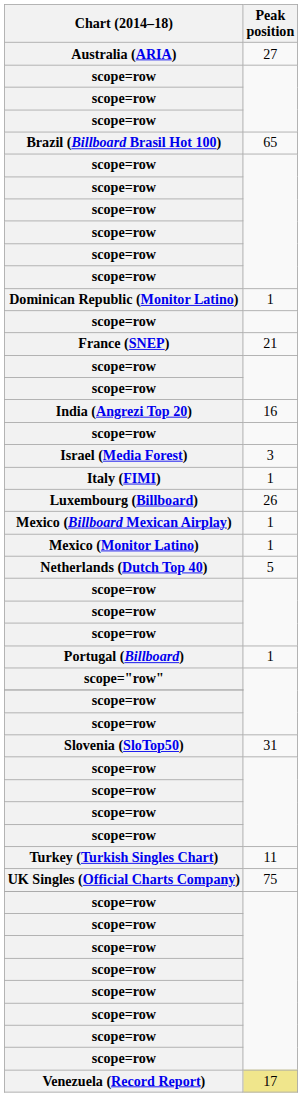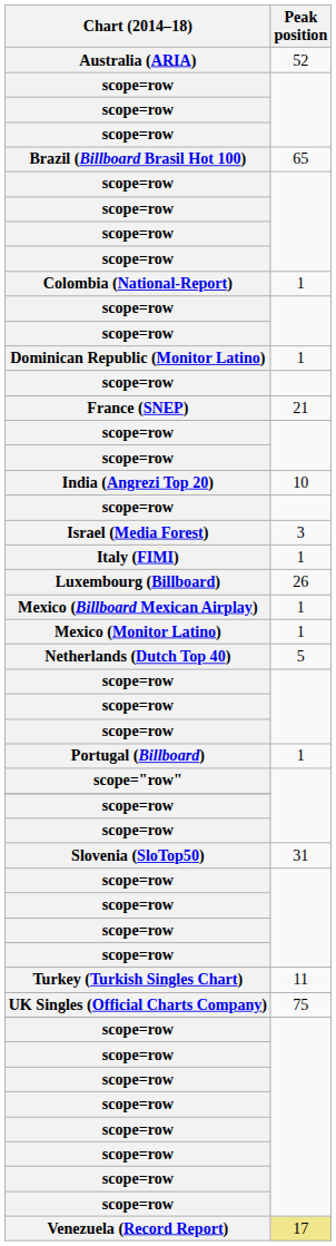 <table class="wikitable sortable plainrowheaders">
 <tr>
 <th>Chart (2014–18)</th>
 <th>Peak<br>position</th>
 </tr>
 <tr>
 <th scope=row>Australia (<a href='#'>ARIA</a>)</th>
-<td align="center">27</td>
+<td align="center">52</td>
 </tr>
 <tr>
 <th>scope=row</th>
 </tr>
 <tr>
 <th>scope=row</th>
 </tr>
 <tr>
 <th>scope=row</th>
 </tr>
 <tr>
 <th scope=row>Brazil (<a href='#'><em>Billboard</em> Brasil Hot 100</a>)</th>
 <td align="center">65</td>
 </tr>
 <tr>
 <th>scope=row</th>
 </tr>
 <tr>
 <th>scope=row</th>
 </tr>
 <tr>
 <th>scope=row</th>
 </tr>
 <tr>
 <th>scope=row</th>
 </tr>
 <tr>
+<th scope=row>Colombia (<a href='#'>National-Report</a>)</th>
+<td align="center">1</td>
+</tr>
+<tr>
 <th>scope=row</th>
 </tr>
 <tr>
 <th>scope=row</th>
 </tr>
 <tr>
 <th scope=row>Dominican Republic (<a href='#'>Monitor Latino</a>)</th>
 <td style="text-align:center;">1</td>
 </tr>
 <tr>
 <th>scope=row</th>
 </tr>
 <tr>
 <th scope=row>France (<a href='#'>SNEP</a>)</th>
 <td align="center">21</td>
 </tr>
 <tr>
 <th>scope=row</th>
 </tr>
 <tr>
 <th>scope=row</th>
 </tr>
 <tr>
 <th scope="row">India (<a href='#'>Angrezi Top 20</a>)</th>
-<td align="center">16</td>
+<td align="center">10</td>
 </tr>
 <tr>
 <th>scope=row</th>
 </tr>
 <tr>
 <th scope=row>Israel (<a href='#'>Media Forest</a>)</th>
 <td style="text-align:center;">3</td>
 </tr>
 <tr>
 <th scope=row>Italy (<a href='#'>FIMI</a>)</th>
 <td align="center">1</td>
 </tr>
 <tr>
 <th scope=row>Luxembourg (<a href='#'>Billboard</a>)</th>
 <td align="center">26</td>
 </tr>
 <tr>
 <th scope=row>Mexico (<a href='#'><em>Billboard</em> Mexican Airplay</a>)</th>
 <td style="text-align:center;">1</td>
 </tr>
 <tr>
 <th scope=row>Mexico (<a href='#'>Monitor Latino</a>)</th>
 <td style="text-align:center;">1</td>
 </tr>
 <tr>
 <th scope=row>Netherlands (<a href='#'>Dutch Top 40</a>)</th>
 <td style="text-align:center;">5</td>
 </tr>
 <tr>
 <th>scope=row</th>
 </tr>
 <tr>
 <th>scope=row</th>
 </tr>
 <tr>
 <th>scope=row</th>
 </tr>
 <tr>
 <th scope=row>Portugal (<em><a href='#'>Billboard</a></em>)</th>
 <td style="text-align:center;">1</td>
 </tr>
 <tr>
 <th>scope="row"</th>
 </tr>
 <tr>
 </tr>
 <tr>
 <th>scope=row</th>
 </tr>
 <tr>
 <th>scope=row</th>
 </tr>
 <tr>
 <th scope="row">Slovenia (<a href='#'>SloTop50</a>)</th>
 <td align=center>31</td>
 </tr>
 <tr>
 <th>scope=row</th>
 </tr>
 <tr>
 <th>scope=row</th>
 </tr>
 <tr>
 <th>scope=row</th>
 </tr>
 <tr>
 <th>scope=row</th>
 </tr>
 <tr>
 <th scope=row>Turkey (<a href='#'>Turkish Singles Chart</a>)</th>
 <td align="center">11</td>
 </tr>
 <tr>
 <th scope=row>UK Singles (<a href='#'>Official Charts Company</a>)</th>
 <td align="center">75</td>
 </tr>
 <tr>
 </tr>
 <tr>
 <th>scope=row</th>
 </tr>
 <tr>
 <th>scope=row</th>
 </tr>
 <tr>
 <th>scope=row</th>
 </tr>
 <tr>
 <th>scope=row</th>
 </tr>
 <tr>
 <th>scope=row</th>
 </tr>
 <tr>
 <th>scope=row</th>
 </tr>
 <tr>
 <th>scope=row</th>
 </tr>
 <tr>
 <th>scope=row</th>
 </tr>
 <tr>
 <th scope=row>Venezuela (<a href='#'>Record Report</a>)</th>
 <td style="background: khaki; text-align:center;">17</td>
 </tr>
 </table>
